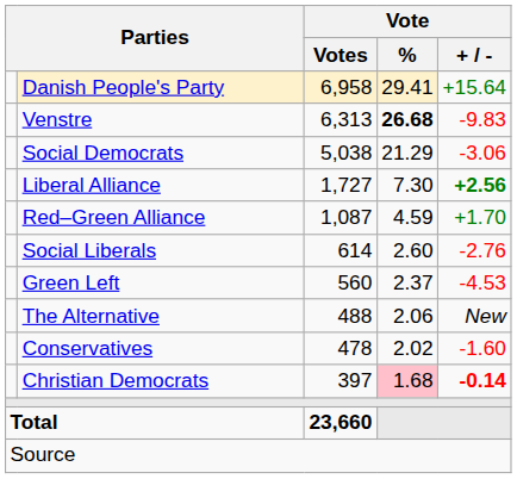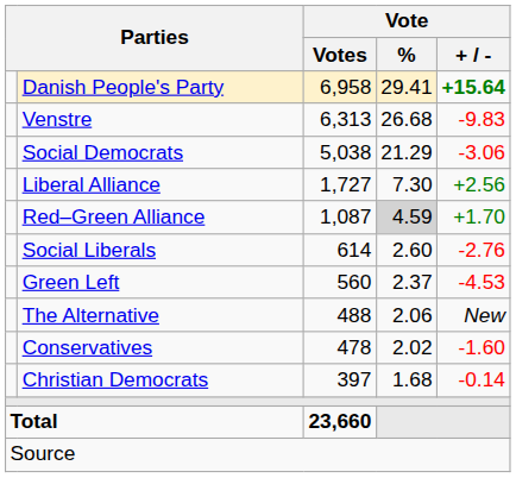 <table class="wikitable" style="text-align:right;">
 <tr>
 <th style="text-align:centre;" rowspan="2" colspan="2" width="225">Parties</th>
 <th colspan="3">Vote</th>
 </tr>
 <tr>
 <th width="15">Votes</th>
 <th width="15">%</th>
 <th width="15">+ / -</th>
 </tr>
 <tr>
 <td width="2" style="color:inherit;background:"></td>
 <td bgcolor=#fef2cc  align="left"><a href='#'>Danish People's Party</a></td>
 <td bgcolor=#fef2cc>6,958</td>
 <td bgcolor=#fef2cc>29.41</td>
-<td style=color:green;>+15.64</td>
+<td style=color:green;><strong>+15.64</strong></td>
 </tr>
 <tr>
 <td width="2" style="color:inherit;background:"></td>
 <td align="left"><a href='#'>Venstre</a></td>
 <td>6,313</td>
-<td><strong>26.68</strong></td>
+<td>26.68</td>
 <td style=color:red;>-9.83</td>
 </tr>
 <tr>
 <td width="2" style="color:inherit;background:"></td>
 <td align="left"><a href='#'>Social Democrats</a></td>
 <td>5,038</td>
 <td>21.29</td>
 <td style=color:red;>-3.06</td>
 </tr>
 <tr>
 <td width="2" style="color:inherit;background:"></td>
 <td align="left"><a href='#'>Liberal Alliance</a></td>
 <td>1,727</td>
 <td>7.30</td>
-<td style=color:green;><strong>+2.56</strong></td>
+<td style=color:green;>+2.56</td>
 </tr>
 <tr>
 <td width="2" style="color:inherit;background:"></td>
 <td align="left"><a href='#'>Red–Green Alliance</a></td>
 <td>1,087</td>
-<td>4.59</td>
+<td style="background: lightgrey;">4.59</td>
 <td style=color:green;>+1.70</td>
 </tr>
 <tr>
 <td width="2" style="color:inherit;background:"></td>
 <td align="left"><a href='#'>Social Liberals</a></td>
 <td>614</td>
 <td>2.60</td>
 <td style=color:red;>-2.76</td>
 </tr>
 <tr>
 <td width="2" style="color:inherit;background:"></td>
 <td align="left"><a href='#'>Green Left</a></td>
 <td>560</td>
 <td>2.37</td>
 <td style=color:red;>-4.53</td>
 </tr>
 <tr>
 <td width="2" style="color:inherit;background:"></td>
 <td align="left"><a href='#'>The Alternative</a></td>
 <td>488</td>
 <td>2.06</td>
 <td><em>New</em></td>
 </tr>
 <tr>
 <td width="2" style="color:inherit;background:"></td>
 <td align="left"><a href='#'>Conservatives</a></td>
 <td>478</td>
 <td>2.02</td>
 <td style=color:red;>-1.60</td>
 </tr>
 <tr>
 <td width="2" style="color:inherit;background:"></td>
 <td align="left"><a href='#'>Christian Democrats</a></td>
 <td>397</td>
-<td style="background: pink;">1.68</td>
-<td style=color:red;><strong>-0.14</strong></td>
+<td>1.68</td>
+<td style=color:red;>-0.14</td>
 </tr>
 <tr>
 <td colspan="7" bgcolor="#E9E9E9"></td>
 </tr>
 <tr>
 <td align="left" colspan="2"><strong>Total</strong></td>
 <td><strong>23,660</strong></td>
 <td bgcolor="#E9E9E9" colspan="2"></td>
 </tr>
 <tr>
 <td align="left" colspan="6">Source</td>
 </tr>
 </table>
